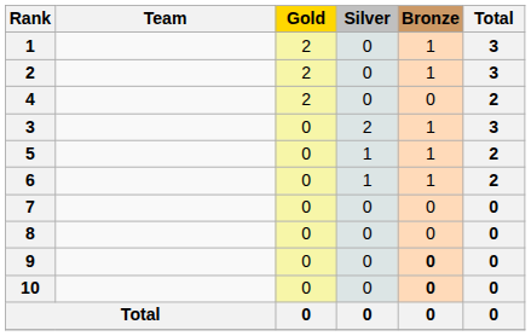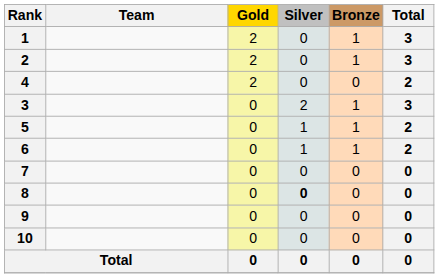 <table class="wikitable" style="text-align:center;">
 <tr>
 <th>Rank</th>
 <th width=200px>Team</th>
 <th style="background:gold;" width=50px align=center>Gold</th>
 <th style="background:silver;" width=50px align=center>Silver</th>
 <th style="background:#cc9966;" width=50px align=center>Bronze</th>
 <th width=50px align=center>Total</th>
 </tr>
 <tr>
 <th>1</th>
 <td align=left></td>
 <td bgcolor="#F7F6A8">2</td>
 <td bgcolor="#DCE5E5">0</td>
 <td bgcolor="#FFDAB9">1</td>
 <th>3</th>
 </tr>
 <tr>
 <th>2</th>
 <td align=left></td>
 <td bgcolor="#F7F6A8">2</td>
 <td bgcolor="#DCE5E5">0</td>
 <td bgcolor="#FFDAB9">1</td>
 <th>3</th>
 </tr>
 <tr>
 <th>4</th>
 <td align=left></td>
 <td bgcolor="#F7F6A8">2</td>
 <td bgcolor="#DCE5E5">0</td>
 <td bgcolor="#FFDAB9">0</td>
 <th>2</th>
 </tr>
 <tr>
 <th>3</th>
 <td align=left></td>
 <td bgcolor="#F7F6A8">0</td>
 <td bgcolor="#DCE5E5">2</td>
 <td bgcolor="#FFDAB9">1</td>
 <th>3</th>
 </tr>
 <tr>
 <th>5</th>
 <td align=left></td>
 <td bgcolor="#F7F6A8">0</td>
 <td bgcolor="#DCE5E5">1</td>
 <td bgcolor="#FFDAB9">1</td>
 <th>2</th>
 </tr>
 <tr>
 <th>6</th>
 <td align=left></td>
 <td bgcolor="#F7F6A8">0</td>
 <td bgcolor="#DCE5E5">1</td>
 <td bgcolor="#FFDAB9">1</td>
 <th>2</th>
 </tr>
 <tr>
 <th>7</th>
 <td align=left></td>
 <td bgcolor="#F7F6A8">0</td>
 <td bgcolor="#DCE5E5">0</td>
 <td bgcolor="#FFDAB9">0</td>
 <th>0</th>
 </tr>
 <tr>
 <th>8</th>
 <td align=left></td>
 <td bgcolor="#F7F6A8">0</td>
-<td bgcolor="#DCE5E5">0</td>
+<td bgcolor="#DCE5E5"><strong>0</strong></td>
 <td bgcolor="#FFDAB9">0</td>
 <th>0</th>
 </tr>
 <tr>
 <th>9</th>
 <td align=left></td>
 <td bgcolor="#F7F6A8">0</td>
 <td bgcolor="#DCE5E5">0</td>
-<td bgcolor="#FFDAB9"><strong>0</strong></td>
+<td bgcolor="#FFDAB9">0</td>
 <th>0</th>
 </tr>
 <tr>
 <th>10</th>
 <td align=left></td>
 <td bgcolor="#F7F6A8">0</td>
 <td bgcolor="#DCE5E5">0</td>
-<td bgcolor="#FFDAB9"><strong>0</strong></td>
+<td bgcolor="#FFDAB9">0</td>
 <th>0</th>
 </tr>
 <tr>
 <th colspan=2>Total</th>
 <th>0</th>
 <th>0</th>
 <th>0</th>
 <th>0</th>
 </tr>
 <tr>
 </tr>
 </table>
